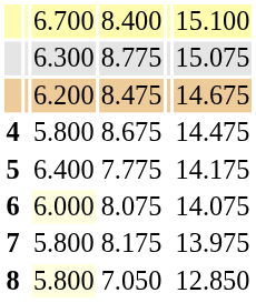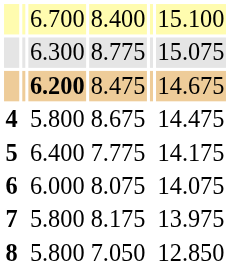 <table>
 <tr bgcolor=fffcaf>
 <td></td>
 <td align=left></td>
 <td>6.700</td>
 <td>8.400</td>
 <td></td>
 <td>15.100</td>
 </tr>
 <tr bgcolor=e5e5e5>
 <td></td>
 <td align=left></td>
 <td>6.300</td>
 <td>8.775</td>
 <td></td>
 <td>15.075</td>
 </tr>
 <tr bgcolor=eecc99>
 <td></td>
 <td align=left></td>
-<td>6.200</td>
+<td><strong>6.200</strong></td>
 <td>8.475</td>
 <td></td>
 <td>14.675</td>
 </tr>
 <tr>
 <th>4</th>
 <td align=left></td>
 <td>5.800</td>
 <td>8.675</td>
 <td></td>
 <td>14.475</td>
 </tr>
 <tr>
 <th>5</th>
 <td align=left></td>
 <td>6.400</td>
 <td>7.775</td>
 <td></td>
 <td>14.175</td>
 </tr>
 <tr>
 <th>6</th>
 <td align=left></td>
-<td style="background: lightyellow;">6.000</td>
+<td>6.000</td>
 <td>8.075</td>
 <td></td>
 <td>14.075</td>
 </tr>
 <tr>
 <th>7</th>
 <td align=left></td>
 <td>5.800</td>
 <td>8.175</td>
 <td></td>
 <td>13.975</td>
 </tr>
 <tr>
 <th>8</th>
 <td align=left></td>
-<td style="background: lightyellow;">5.800</td>
+<td>5.800</td>
 <td>7.050</td>
 <td></td>
 <td>12.850</td>
 </tr>
 <tr>
 </tr>
 </table>
